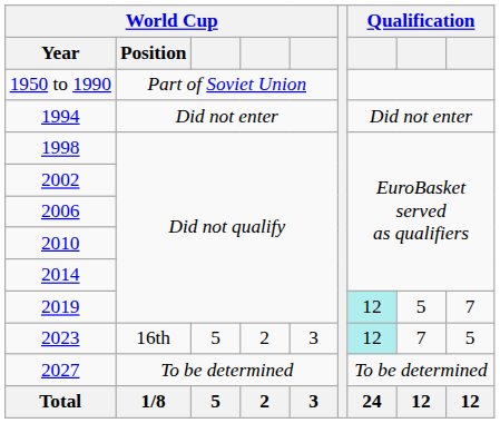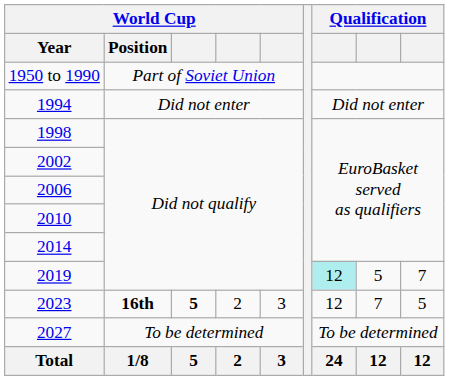 <table class="wikitable" style="text-align: center;font-size:90%;">
 <tr>
 <th colspan=5><a href='#'>World Cup</a></th>
 <th rowspan=13></th>
 <th colspan=3><a href='#'>Qualification</a></th>
 </tr>
 <tr>
 <th>Year</th>
 <th>Position</th>
 <th width=30></th>
 <th width=30></th>
 <th width=30></th>
 <th width=30></th>
 <th width=30></th>
 <th width=30></th>
 </tr>
 <tr>
 <td><a href='#'>1950</a> to <a href='#'>1990</a></td>
 <td colspan=4><em>Part of <a href='#'>Soviet Union</a></em></td>
 </tr>
 <tr>
 <td> <a href='#'>1994</a></td>
 <td colspan=4><em>Did not enter</em></td>
 <td colspan=3><em>Did not enter</em></td>
 </tr>
 <tr>
 <td> <a href='#'>1998</a></td>
 <td colspan=4 rowspan=6><em>Did not qualify</em></td>
 <td colspan=3 rowspan=5><em>EuroBasket served<br>as qualifiers</em></td>
 </tr>
 <tr>
 <td> <a href='#'>2002</a></td>
 </tr>
 <tr>
 <td> <a href='#'>2006</a></td>
 </tr>
 <tr>
 <td> <a href='#'>2010</a></td>
 </tr>
 <tr>
 <td> <a href='#'>2014</a></td>
 </tr>
 <tr>
 <td> <a href='#'>2019</a></td>
 <td style="background: paleturquoise;">12</td>
 <td>5</td>
 <td>7</td>
 </tr>
 <tr>
 <td> <a href='#'>2023</a></td>
-<td>16th</td>
-<td>5</td>
+<td><strong>16th</strong></td>
+<td><strong>5</strong></td>
 <td>2</td>
 <td>3</td>
-<td style="background: paleturquoise;">12</td>
+<td>12</td>
 <td>7</td>
 <td>5</td>
 </tr>
 <tr>
 <td> <a href='#'>2027</a></td>
 <td colspan=4><em>To be determined</em></td>
 <td colspan=3><em>To be determined</em></td>
 </tr>
 <tr>
 <th>Total</th>
 <th>1/8</th>
 <th>5</th>
 <th>2</th>
 <th>3</th>
 <th>24</th>
 <th>12</th>
 <th>12</th>
 </tr>
 </table>
